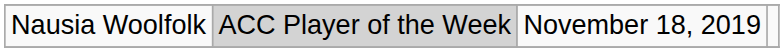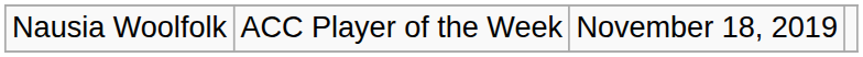 <table class="wikitable sortable sortable" style="text-align: center">
 <tr align=center>
 </tr>
 <tr>
 <td>Nausia Woolfolk</td>
-<td style="background: lightgrey;">ACC Player of the Week</td>
+<td>ACC Player of the Week</td>
 <td>November 18, 2019</td>
 <td></td>
 </tr>
 <tr>
 </tr>
 </table>
